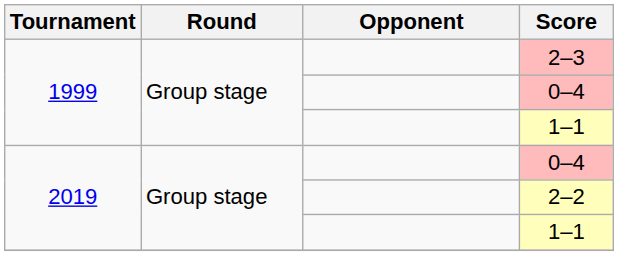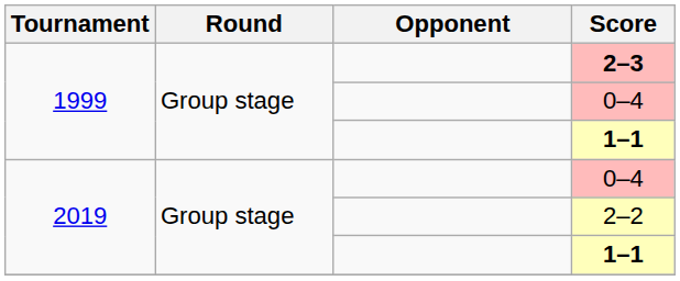 <table class="wikitable mw-collapsible" style="text-align:left;">
 <tr>
 <th>Tournament</th>
 <th width=110>Round</th>
 <th width=150>Opponent</th>
 <th width=60>Score</th>
 </tr>
 <tr>
 <td rowspan="3" align=center> <a href='#'>1999</a></td>
 <td rowspan="3">Group stage</td>
 <td></td>
-<td align=center bgcolor="#ffbbbb">2–3</td>
+<td align=center bgcolor="#ffbbbb"><strong>2–3</strong></td>
 </tr>
 <tr>
 <td></td>
 <td align=center bgcolor="#ffbbbb">0–4</td>
 </tr>
 <tr>
 <td></td>
-<td align=center bgcolor="#ffffbb">1–1</td>
+<td align=center bgcolor="#ffffbb"><strong>1–1</strong></td>
 </tr>
 <tr>
 <td rowspan="3" align=center> <a href='#'>2019</a></td>
 <td rowspan="3">Group stage</td>
 <td></td>
 <td align=center bgcolor="#ffbbbb">0–4</td>
 </tr>
 <tr>
 <td></td>
 <td align=center bgcolor="#ffffbb">2–2</td>
 </tr>
 <tr>
 <td></td>
-<td align=center bgcolor="#ffffbb">1–1</td>
+<td align=center bgcolor="#ffffbb"><strong>1–1</strong></td>
 </tr>
 <tr>
 </tr>
 </table>
